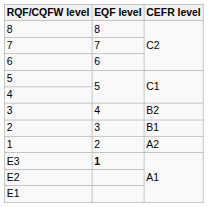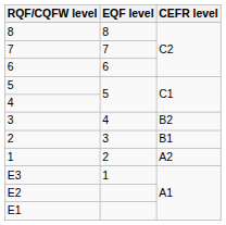 <table class=wikitable>
 <tr>
 <th>RQF/CQFW level</th>
 <th>EQF level</th>
 <th>CEFR level</th>
 </tr>
 <tr>
 <td>8</td>
 <td>8</td>
 <td rowspan=3>C2</td>
 </tr>
 <tr>
 <td>7</td>
 <td>7</td>
 </tr>
 <tr>
 <td>6</td>
 <td>6</td>
 </tr>
 <tr>
 <td>5</td>
 <td rowspan=2>5</td>
 <td rowspan=2>C1</td>
 </tr>
 <tr>
 <td>4</td>
 </tr>
 <tr>
 <td>3</td>
 <td>4</td>
 <td>B2</td>
 </tr>
 <tr>
 <td>2</td>
 <td>3</td>
 <td>B1</td>
 </tr>
 <tr>
 <td>1</td>
 <td>2</td>
 <td>A2</td>
 </tr>
 <tr>
 <td>E3</td>
-<td><strong>1</strong></td>
+<td>1</td>
 <td rowspan=3>A1</td>
 </tr>
 <tr>
 <td>E2</td>
 <td></td>
 </tr>
 <tr>
 <td>E1</td>
 <td></td>
 </tr>
 </table>
